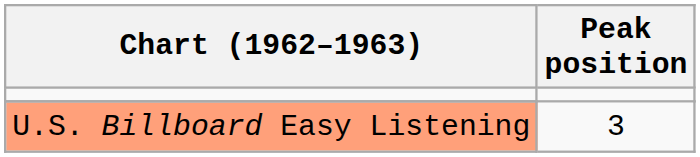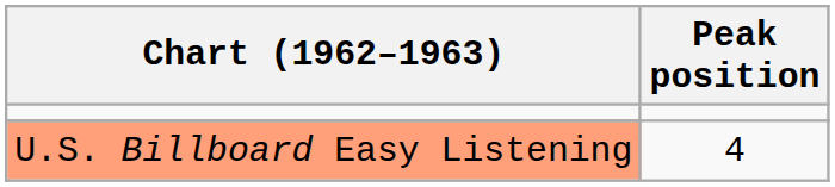 <table class="wikitable sortable">
 <tr>
 <th align="left">Chart (1962–1963)</th>
 <th align="center">Peak<br>position</th>
 </tr>
 <tr>
 <td></td>
 </tr>
 <tr>
 </tr>
 <tr>
 </tr>
 <tr>
 <td align="left" style="background: lightsalmon;">U.S. <em>Billboard</em> Easy Listening</td>
-<td align="center">3</td>
+<td align="center">4</td>
 </tr>
 </table>
